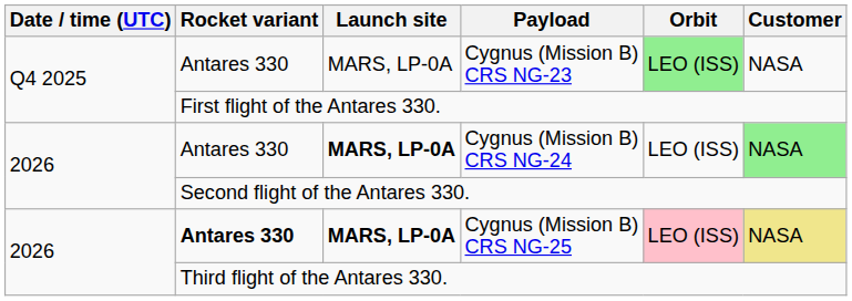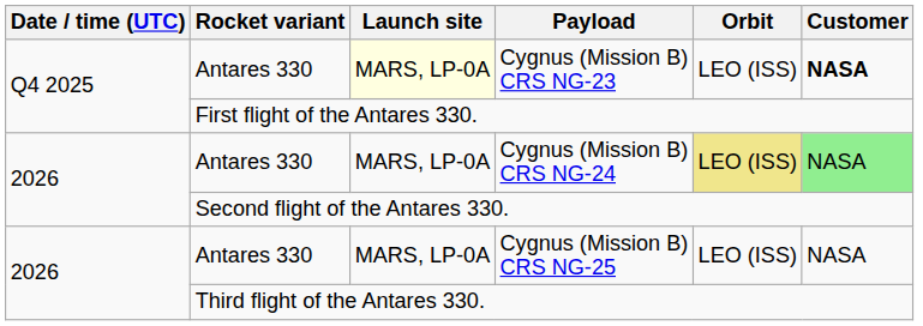 <table class="wikitable sticky-header">
 <tr>
 <th scope="col">Date / time (<a href='#'>UTC</a>)</th>
 <th scope="col">Rocket variant</th>
 <th scope="col">Launch site</th>
 <th scope="col">Payload</th>
 <th scope="col">Orbit</th>
 <th scope="col">Customer</th>
 </tr>
 <tr>
 <td scope="row" rowspan=2 style="text-align:left;">Q4 2025</td>
 <td>Antares 330</td>
-<td>MARS, LP-0A</td>
+<td style="background: lightyellow;">MARS, LP-0A</td>
 <td>Cygnus (Mission B)<br><a href='#'>CRS NG-23</a></td>
-<td style="background: lightgreen;">LEO (ISS)</td>
-<td>NASA</td>
+<td>LEO (ISS)</td>
+<td><strong>NASA</strong></td>
 </tr>
 <tr>
 <td colspan=5>First flight of the Antares 330.</td>
 </tr>
 <tr>
 <td scope="row" rowspan=2 style="text-align:left;">2026</td>
 <td>Antares 330</td>
-<td><strong>MARS, LP-0A</strong></td>
+<td>MARS, LP-0A</td>
 <td>Cygnus (Mission B)<br><a href='#'>CRS NG-24</a></td>
-<td>LEO (ISS)</td>
+<td style="background: khaki;">LEO (ISS)</td>
 <td style="background: lightgreen;">NASA</td>
 </tr>
 <tr>
 <td colspan=5>Second flight of the Antares 330.</td>
 </tr>
 <tr>
 <td scope="row" rowspan=2 style="text-align:left;">2026</td>
-<td><strong>Antares 330</strong></td>
-<td><strong>MARS, LP-0A</strong></td>
+<td>Antares 330</td>
+<td>MARS, LP-0A</td>
 <td>Cygnus (Mission B)<br><a href='#'>CRS NG-25</a></td>
-<td style="background: pink;">LEO (ISS)</td>
-<td style="background: khaki;">NASA</td>
+<td>LEO (ISS)</td>
+<td>NASA</td>
 </tr>
 <tr>
 <td colspan=5>Third flight of the Antares 330.</td>
 </tr>
 </table>
